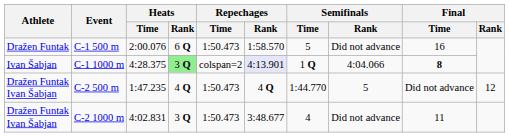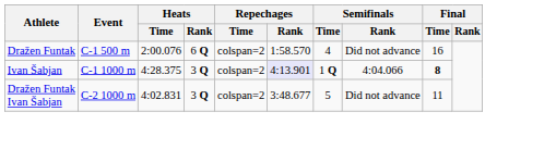 <table class="wikitable" style="font-size:90%">
 <tr>
 <th rowspan=2>Athlete</th>
 <th rowspan=2>Event</th>
 <th colspan=2>Heats</th>
 <th colspan=2>Repechages</th>
 <th colspan=2>Semifinals</th>
 <th colspan=2>Final</th>
 </tr>
 <tr style="font-size:95%">
 <th>Time</th>
 <th>Rank</th>
 <th>Time</th>
 <th>Rank</th>
 <th>Time</th>
 <th>Rank</th>
 <th>Time</th>
 <th>Rank</th>
 </tr>
 <tr align=center>
 <td align=left><a href='#'>Dražen Funtak</a></td>
 <td align=left><a href='#'>C-1 500 m</a></td>
 <td>2:00.076</td>
 <td>6 <strong>Q</strong></td>
-<td>1:50.473</td>
+<td>colspan=2 </td>
 <td>1:58.570</td>
-<td>5</td>
+<td>4</td>
 <td>Did not advance</td>
 <td>16</td>
 </tr>
 <tr align=center>
 <td align=left><a href='#'>Ivan Šabjan</a></td>
 <td align=left><a href='#'>C-1 1000 m</a></td>
 <td>4:28.375</td>
-<td style="background: lightgreen;">3 <strong>Q</strong></td>
+<td>3 <strong>Q</strong></td>
 <td>colspan=2 </td>
 <td style="background: lavender;">4:13.901</td>
 <td>1 <strong>Q</strong></td>
 <td>4:04.066</td>
 <td><strong>8</strong></td>
 </tr>
 <tr align=center>
 <td align=left><a href='#'>Dražen Funtak</a><br><a href='#'>Ivan Šabjan</a></td>
-<td align=left><a href='#'>C-2 500 m</a></td>
-<td>1:47.235</td>
-<td>4 <strong>Q</strong></td>
-<td>1:50.473</td>
-<td>4 <strong>Q</strong></td>
-<td>1:44.770</td>
-<td>5</td>
-<td>Did not advance</td>
-<td>12</td>
-</tr>
-<tr align=center>
-<td align=left><a href='#'>Dražen Funtak</a><br><a href='#'>Ivan Šabjan</a></td>
 <td align=left><a href='#'>C-2 1000 m</a></td>
 <td>4:02.831</td>
 <td>3 <strong>Q</strong></td>
-<td>1:50.473</td>
+<td>colspan=2 </td>
 <td>3:48.677</td>
-<td>4</td>
+<td>5</td>
 <td>Did not advance</td>
 <td>11</td>
 </tr>
 </table>
